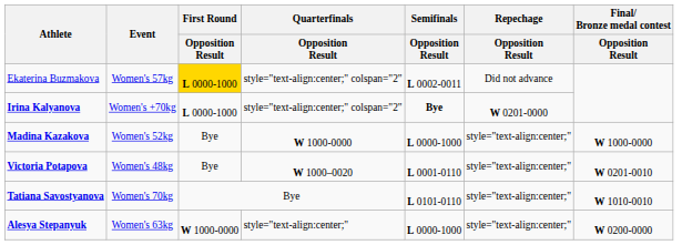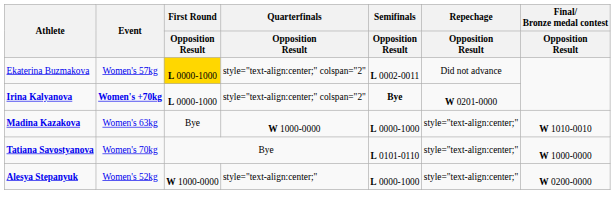 <table class=wikitable style="font-size:90%">
 <tr>
 <th rowspan="2">Athlete</th>
 <th rowspan="2">Event</th>
 <th>First Round</th>
 <th>Quarterfinals</th>
 <th>Semifinals</th>
 <th>Repechage</th>
 <th>Final/<br>Bronze medal contest</th>
 </tr>
 <tr>
 <th>Opposition<br>Result</th>
 <th>Opposition<br>Result</th>
 <th>Opposition<br>Result</th>
 <th>Opposition<br>Result</th>
 <th>Opposition<br>Result</th>
 </tr>
 <tr>
 <td><a href='#'>Ekaterina Buzmakova</a></td>
 <td style="text-align:center;"><a href='#'>Women's 57kg</a></td>
 <td style="background: gold; text-align:center;"><br> <strong>L</strong> 0000-1000</td>
 <td>style="text-align:center;" colspan="2" </td>
 <td style="text-align:center;"><br> <strong>L</strong> 0002-0011</td>
 <td style="text-align:center;">Did not advance</td>
 </tr>
 <tr>
 <td><strong><a href='#'>Irina Kalyanova</a></strong></td>
-<td style="text-align:center;"><a href='#'>Women's +70kg</a></td>
+<td style="text-align:center;"><strong><a href='#'>Women's +70kg</a></strong></td>
 <td style="text-align:center;"><br> <strong>L</strong> 0000-1000</td>
 <td>style="text-align:center;" colspan="2" </td>
 <td style="text-align:center;"><strong>Bye</strong></td>
 <td style="text-align:center;"><br> <strong>W</strong> 0201-0000 </td>
 </tr>
 <tr>
 <td><strong><a href='#'>Madina Kazakova</a></strong></td>
-<td style="text-align:center;"><a href='#'>Women's 52kg</a></td>
+<td style="text-align:center;"><a href='#'>Women's 63kg</a></td>
 <td style="text-align:center;">Bye</td>
 <td style="text-align:center;"><br> <strong>W</strong> 1000-0000</td>
 <td style="text-align:center;"><br> <strong>L</strong> 0000-1000</td>
 <td>style="text-align:center;" </td>
-<td style="text-align:center;"><br> <strong>W</strong> 1000-0000 </td>
-</tr>
-<tr>
-<td><strong><a href='#'>Victoria Potapova</a></strong></td>
-<td style="text-align:center;"><a href='#'>Women's 48kg</a></td>
-<td style="text-align:center;">Bye</td>
-<td style="text-align:center;"><br> <strong>W</strong> 1000–0020</td>
-<td style="text-align:center;"><br> <strong>L</strong> 0001-0110</td>
-<td>style="text-align:center;" </td>
-<td style="text-align:center;"><br> <strong>W</strong> 0201-0010 </td>
+<td style="text-align:center;"><br> <strong>W</strong> 1010-0010 </td>
 </tr>
 <tr>
 <td><strong><a href='#'>Tatiana Savostyanova</a></strong></td>
 <td style="text-align:center;"><a href='#'>Women's 70kg</a></td>
 <td style="text-align:center;" colspan="2">Bye</td>
 <td style="text-align:center;"><br> <strong>L</strong> 0101-0110</td>
 <td>style="text-align:center;" </td>
-<td style="text-align:center;"><br> <strong>W</strong> 1010-0010 </td>
+<td style="text-align:center;"><br> <strong>W</strong> 1000-0000 </td>
 </tr>
 <tr>
 <td><strong><a href='#'>Alesya Stepanyuk</a></strong></td>
-<td style="text-align:center;"><a href='#'>Women's 63kg</a></td>
+<td style="text-align:center;"><a href='#'>Women's 52kg</a></td>
 <td style="text-align:center;"><br> <strong>W</strong> 1000-0000</td>
 <td>style="text-align:center;" </td>
 <td style="text-align:center;"><br> <strong>L</strong> 0000-1000</td>
 <td>style="text-align:center;" </td>
 <td style="text-align:center;"><br> <strong>W</strong> 0200-0000 </td>
 </tr>
 </table>
